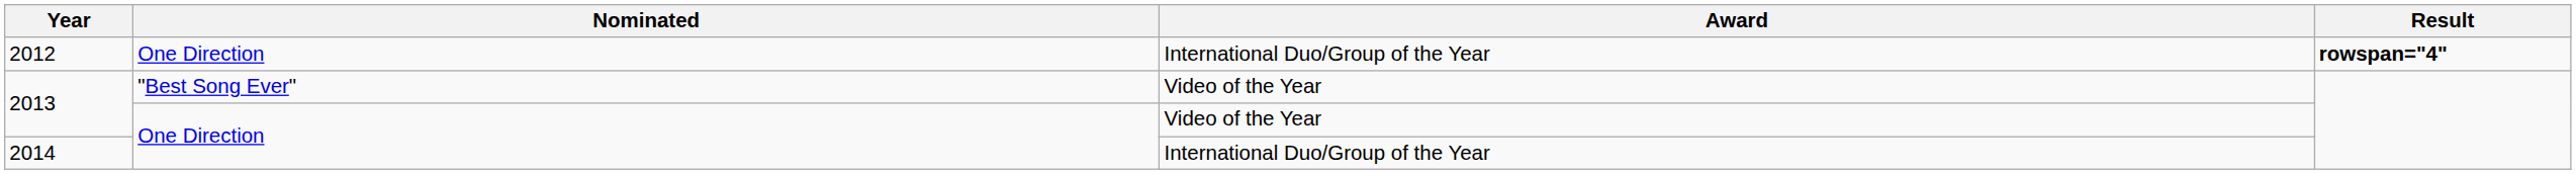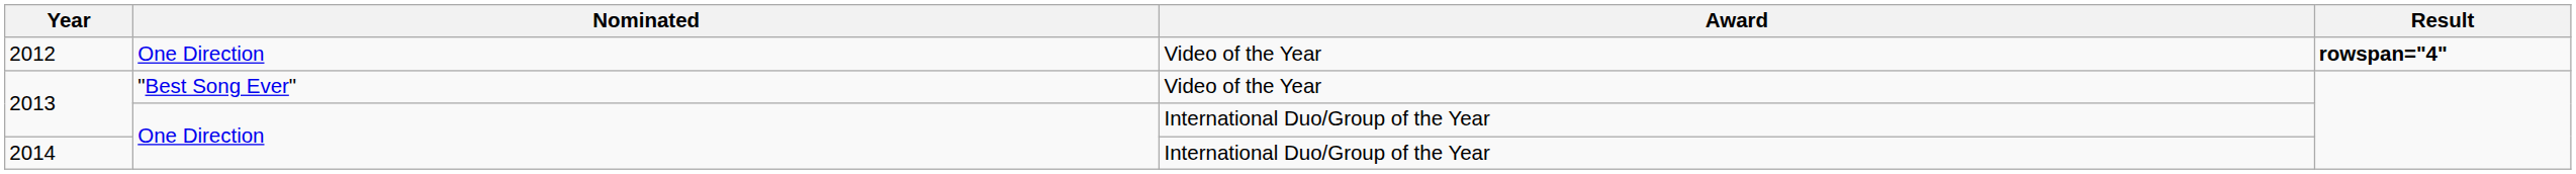 <table class="wikitable" style="width:100%;">
 <tr>
 <th width=5%>Year</th>
 <th style="width:40%;">Nominated</th>
 <th style="width:45%;">Award</th>
 <th style="width:10%;">Result</th>
 </tr>
 <tr>
 <td>2012</td>
 <td><a href='#'>One Direction</a></td>
-<td>International Duo/Group of the Year</td>
+<td>Video of the Year</td>
 <td><strong>rowspan="4" </strong></td>
 </tr>
 <tr>
 <td rowspan="2">2013</td>
 <td>"<a href='#'>Best Song Ever</a>"</td>
 <td>Video of the Year</td>
 </tr>
 <tr>
 <td rowspan="2"><a href='#'>One Direction</a></td>
-<td>Video of the Year</td>
+<td>International Duo/Group of the Year</td>
 </tr>
 <tr>
 <td>2014</td>
 <td>International Duo/Group of the Year</td>
 </tr>
 </table>
